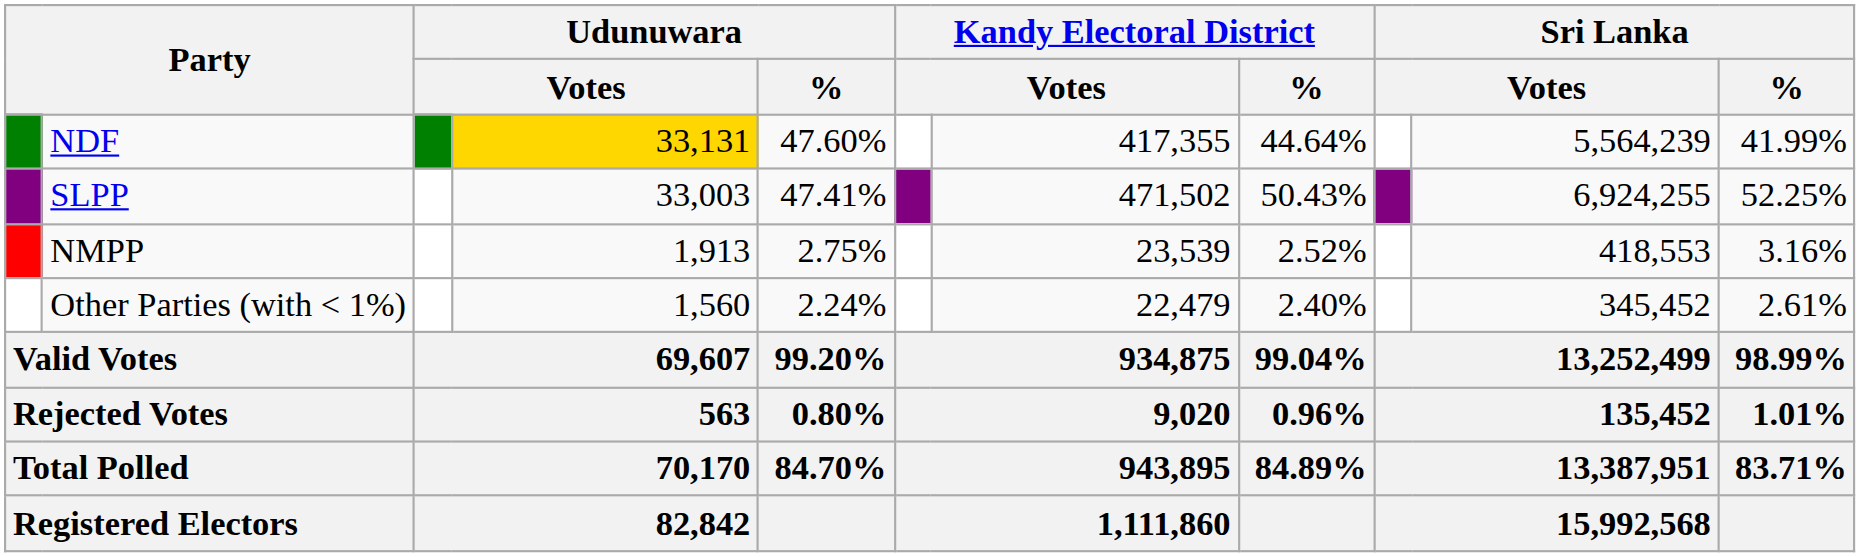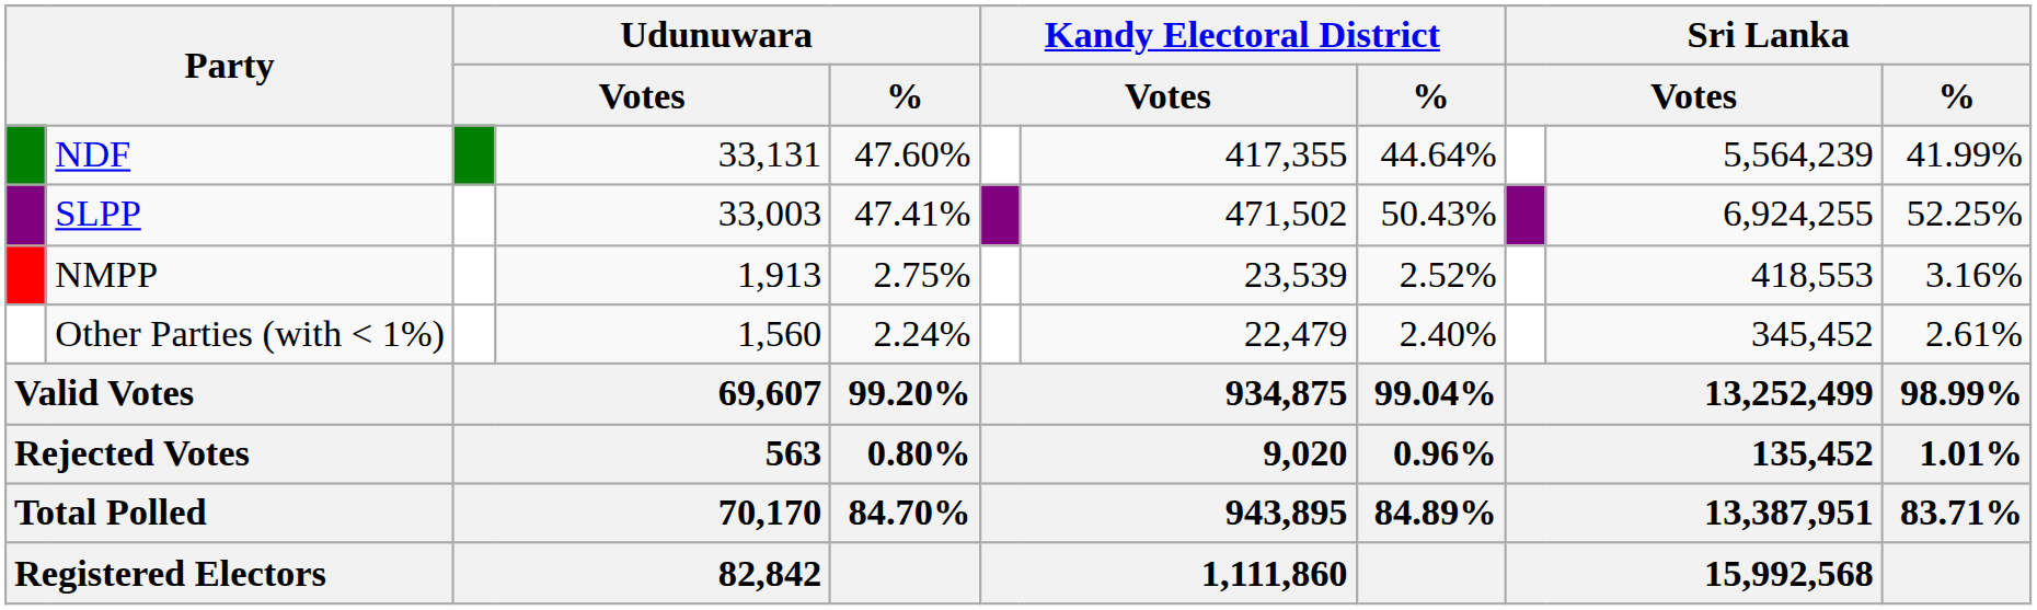 <table class="wikitable">
 <tr>
 <th colspan="2" width="144px"rowspan="2">Party</th>
 <th colspan="3" width="216px">Udunuwara</th>
 <th colspan="3" width="216px"><a href='#'>Kandy Electoral District</a></th>
 <th colspan="3" width="216px">Sri Lanka</th>
 </tr>
 <tr>
 <th colspan="2" width="144px">Votes</th>
 <th>%</th>
 <th colspan="2" width="144px">Votes</th>
 <th>%</th>
 <th colspan="2" width="144px">Votes</th>
 <th>%</th>
 </tr>
 <tr>
 <td style="background-color:green;" width="10px"></td>
 <td style="text-align:left;"><a href='#'>NDF</a></td>
 <td style="background-color:green;" width="10px"></td>
-<td style="background: gold; text-align:right;">33,131</td>
+<td style="text-align:right;">33,131</td>
 <td style="text-align:right;">47.60%</td>
 <td style="background-color:white;" width="10px"></td>
 <td style="text-align:right;">417,355</td>
 <td style="text-align:right;">44.64%</td>
 <td style="background-color:white;" width="10px"></td>
 <td style="text-align:right;">5,564,239</td>
 <td style="text-align:right;">41.99%</td>
 </tr>
 <tr>
 <td style="background-color:purple;" width="10px"></td>
 <td style="text-align:left;"><a href='#'>SLPP</a></td>
 <td style="background-color:white;" width="10px"></td>
 <td style="text-align:right;">33,003</td>
 <td style="text-align:right;">47.41%</td>
 <td style="background-color:purple;" width="10px"></td>
 <td style="text-align:right;">471,502</td>
 <td style="text-align:right;">50.43%</td>
 <td style="background-color:purple;" width="10px"></td>
 <td style="text-align:right;">6,924,255</td>
 <td style="text-align:right;">52.25%</td>
 </tr>
 <tr>
 <td style="background-color:red;" width="10px"></td>
 <td style="text-align:left;">NMPP</td>
 <td style="background-color:white;" width="10px"></td>
 <td style="text-align:right;">1,913</td>
 <td style="text-align:right;">2.75%</td>
 <td style="background-color:white;" width="10px"></td>
 <td style="text-align:right;">23,539</td>
 <td style="text-align:right;">2.52%</td>
 <td style="background-color:white;" width="10px"></td>
 <td style="text-align:right;">418,553</td>
 <td style="text-align:right;">3.16%</td>
 </tr>
 <tr>
 <td style="background-color:white;" width="10px"></td>
 <td style="text-align:left;">Other Parties (with < 1%)</td>
 <td style="background-color:white;" width="10px"></td>
 <td style="text-align:right;">1,560</td>
 <td style="text-align:right;">2.24%</td>
 <td style="background-color:white;" width="10px"></td>
 <td style="text-align:right;">22,479</td>
 <td style="text-align:right;">2.40%</td>
 <td style="background-color:white;" width="10px"></td>
 <td style="text-align:right;">345,452</td>
 <td style="text-align:right;">2.61%</td>
 </tr>
 <tr>
 <th colspan="2" width="144px"style="text-align:left;">Valid Votes</th>
 <th style="text-align:right;"colspan="2" width="144px">69,607</th>
 <th style="text-align:right;">99.20%</th>
 <th style="text-align:right;"colspan="2" width="144px">934,875</th>
 <th style="text-align:right;">99.04%</th>
 <th style="text-align:right;"colspan="2" width="144px">13,252,499</th>
 <th style="text-align:right;">98.99%</th>
 </tr>
 <tr>
 <th colspan="2" width="144px"style="text-align:left;">Rejected Votes</th>
 <th style="text-align:right;"colspan="2" width="144px">563</th>
 <th style="text-align:right;">0.80%</th>
 <th style="text-align:right;"colspan="2" width="144px">9,020</th>
 <th style="text-align:right;">0.96%</th>
 <th style="text-align:right;"colspan="2" width="144px">135,452</th>
 <th style="text-align:right;">1.01%</th>
 </tr>
 <tr>
 <th colspan="2" width="144px"style="text-align:left;">Total Polled</th>
 <th style="text-align:right;"colspan="2" width="144px">70,170</th>
 <th style="text-align:right;">84.70%</th>
 <th style="text-align:right;"colspan="2" width="144px">943,895</th>
 <th style="text-align:right;">84.89%</th>
 <th style="text-align:right;"colspan="2" width="144px">13,387,951</th>
 <th style="text-align:right;">83.71%</th>
 </tr>
 <tr>
 <th colspan="2" width="144px"style="text-align:left;">Registered Electors</th>
 <th style="text-align:right;"colspan="2" width="144px">82,842</th>
 <th></th>
 <th style="text-align:right;"colspan="2" width="144px">1,111,860</th>
 <th></th>
 <th style="text-align:right;"colspan="2" width="144px">15,992,568</th>
 <th></th>
 </tr>
 </table>
